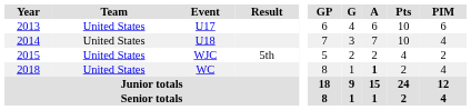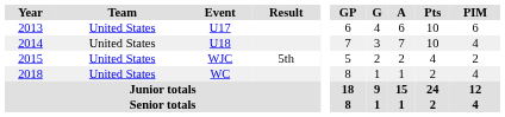 <table border="0" cellpadding="1" cellspacing="0" style="text-align:center; width:40em">
 <tr ALIGN="center" bgcolor="#e0e0e0">
 <th>Year</th>
 <th>Team</th>
 <th>Event</th>
 <th>Result</th>
 <th rowspan="99" bgcolor="#ffffff"> </th>
 <th>GP</th>
 <th>G</th>
 <th>A</th>
 <th>Pts</th>
 <th>PIM</th>
 </tr>
 <tr>
 <td><a href='#'>2013</a></td>
 <td><a href='#'>United States</a></td>
 <td><a href='#'>U17</a></td>
 <td></td>
 <td>6</td>
 <td>4</td>
 <td>6</td>
 <td>10</td>
 <td>6</td>
 </tr>
 <tr bgcolor="#f0f0f0">
 <td><a href='#'>2014</a></td>
 <td>United States</td>
 <td><a href='#'>U18</a></td>
 <td></td>
 <td>7</td>
 <td>3</td>
 <td>7</td>
 <td>10</td>
 <td>4</td>
 </tr>
 <tr>
 <td><a href='#'>2015</a></td>
 <td><a href='#'>United States</a></td>
 <td><a href='#'>WJC</a></td>
 <td>5th</td>
 <td>5</td>
 <td>2</td>
 <td>2</td>
 <td>4</td>
 <td>2</td>
 </tr>
 <tr bgcolor="#f0f0f0">
 <td><a href='#'>2018</a></td>
 <td><a href='#'>United States</a></td>
 <td><a href='#'>WC</a></td>
 <td></td>
 <td>8</td>
 <td>1</td>
-<td><strong>1</strong></td>
+<td>1</td>
 <td>2</td>
 <td>4</td>
 </tr>
 <tr bgcolor="#e0e0e0">
 <th colspan="4">Junior totals</th>
 <th>18</th>
 <th>9</th>
 <th>15</th>
 <th>24</th>
 <th>12</th>
 </tr>
 <tr bgcolor="#e0e0e0">
 <th colspan="4">Senior totals</th>
 <th>8</th>
 <th>1</th>
 <th>1</th>
 <th>2</th>
 <th>4</th>
 </tr>
 </table>
